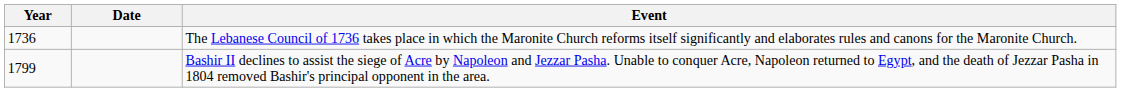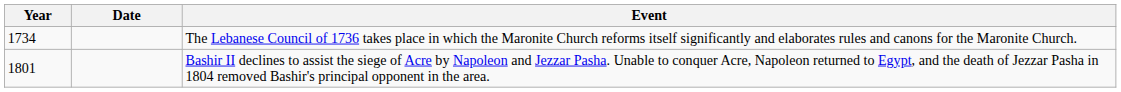 <table class="wikitable" width="100%">
 <tr>
 <th style="width:6%">Year</th>
 <th style="width:10%">Date</th>
 <th>Event</th>
 </tr>
 <tr>
-<td>1736</td>
+<td>1734</td>
 <td></td>
 <td>The <a href='#'>Lebanese Council of 1736</a> takes place in which the Maronite Church reforms itself significantly and elaborates rules and canons for the Maronite Church.</td>
 </tr>
 <tr>
-<td>1799</td>
+<td>1801</td>
 <td></td>
 <td><a href='#'>Bashir II</a> declines to assist the siege of <a href='#'>Acre</a> by <a href='#'>Napoleon</a> and <a href='#'>Jezzar Pasha</a>. Unable to conquer Acre, Napoleon returned to <a href='#'>Egypt</a>, and the death of Jezzar Pasha in 1804 removed Bashir's principal opponent in the area.</td>
 </tr>
 </table>
